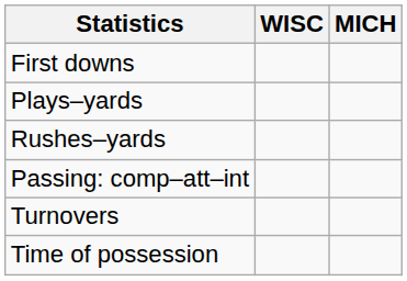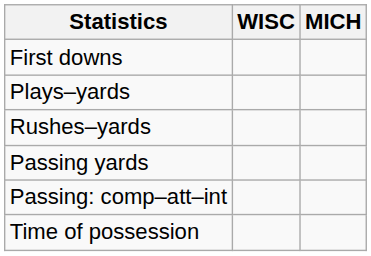 <table class="wikitable" style="float:left">
 <tr>
 <th>Statistics</th>
 <th>WISC</th>
 <th>MICH</th>
 </tr>
 <tr>
 <td>First downs</td>
 <td></td>
 <td></td>
 </tr>
 <tr>
 <td>Plays–yards</td>
 <td></td>
 <td></td>
 </tr>
 <tr>
 <td>Rushes–yards</td>
 <td></td>
 <td></td>
 </tr>
 <tr>
-<td>Passing: comp–att–int</td>
+<td>Passing yards</td>
 <td></td>
 <td></td>
 </tr>
 <tr>
-<td>Turnovers</td>
+<td>Passing: comp–att–int</td>
 <td></td>
 <td></td>
 </tr>
 <tr>
 <td>Time of possession</td>
 <td></td>
 <td></td>
 </tr>
 </table>
